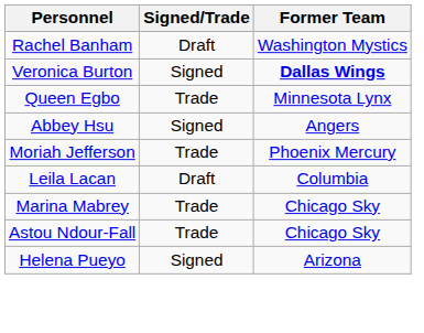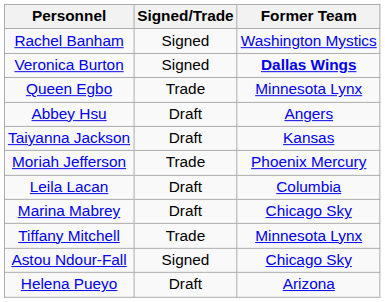 <table class="wikitable" style="text-align: center">
 <tr align="center" bgcolor="#dddddd">
 <th><strong>Personnel</strong></th>
 <th><strong>Signed/Trade</strong></th>
 <th><strong>Former Team</strong></th>
 </tr>
 <tr>
 <td><a href='#'>Rachel Banham</a></td>
-<td>Draft</td>
+<td>Signed</td>
 <td><a href='#'>Washington Mystics</a></td>
 </tr>
 <tr>
 <td><a href='#'>Veronica Burton</a></td>
 <td>Signed</td>
 <td><strong><a href='#'>Dallas Wings</a></strong></td>
 </tr>
 <tr>
 <td><a href='#'>Queen Egbo</a></td>
 <td>Trade</td>
 <td><a href='#'>Minnesota Lynx</a></td>
 </tr>
 <tr>
 <td><a href='#'>Abbey Hsu</a></td>
-<td>Signed</td>
+<td>Draft</td>
 <td><a href='#'>Angers</a></td>
+</tr>
+<tr>
+<td><a href='#'>Taiyanna Jackson</a></td>
+<td>Draft</td>
+<td><a href='#'>Kansas</a></td>
 </tr>
 <tr>
 <td><a href='#'>Moriah Jefferson</a></td>
 <td>Trade</td>
 <td><a href='#'>Phoenix Mercury</a></td>
 </tr>
 <tr>
 <td><a href='#'>Leila Lacan</a></td>
 <td>Draft</td>
 <td><a href='#'>Columbia</a></td>
 </tr>
 <tr>
 <td><a href='#'>Marina Mabrey</a></td>
-<td>Trade</td>
+<td>Draft</td>
 <td><a href='#'>Chicago Sky</a></td>
 </tr>
 <tr>
+<td><a href='#'>Tiffany Mitchell</a></td>
+<td>Trade</td>
+<td><a href='#'>Minnesota Lynx</a></td>
+</tr>
+<tr>
 <td><a href='#'>Astou Ndour-Fall</a></td>
-<td>Trade</td>
+<td>Signed</td>
 <td><a href='#'>Chicago Sky</a></td>
 </tr>
 <tr>
 <td><a href='#'>Helena Pueyo</a></td>
-<td>Signed</td>
+<td>Draft</td>
 <td><a href='#'>Arizona</a></td>
 </tr>
 </table>
